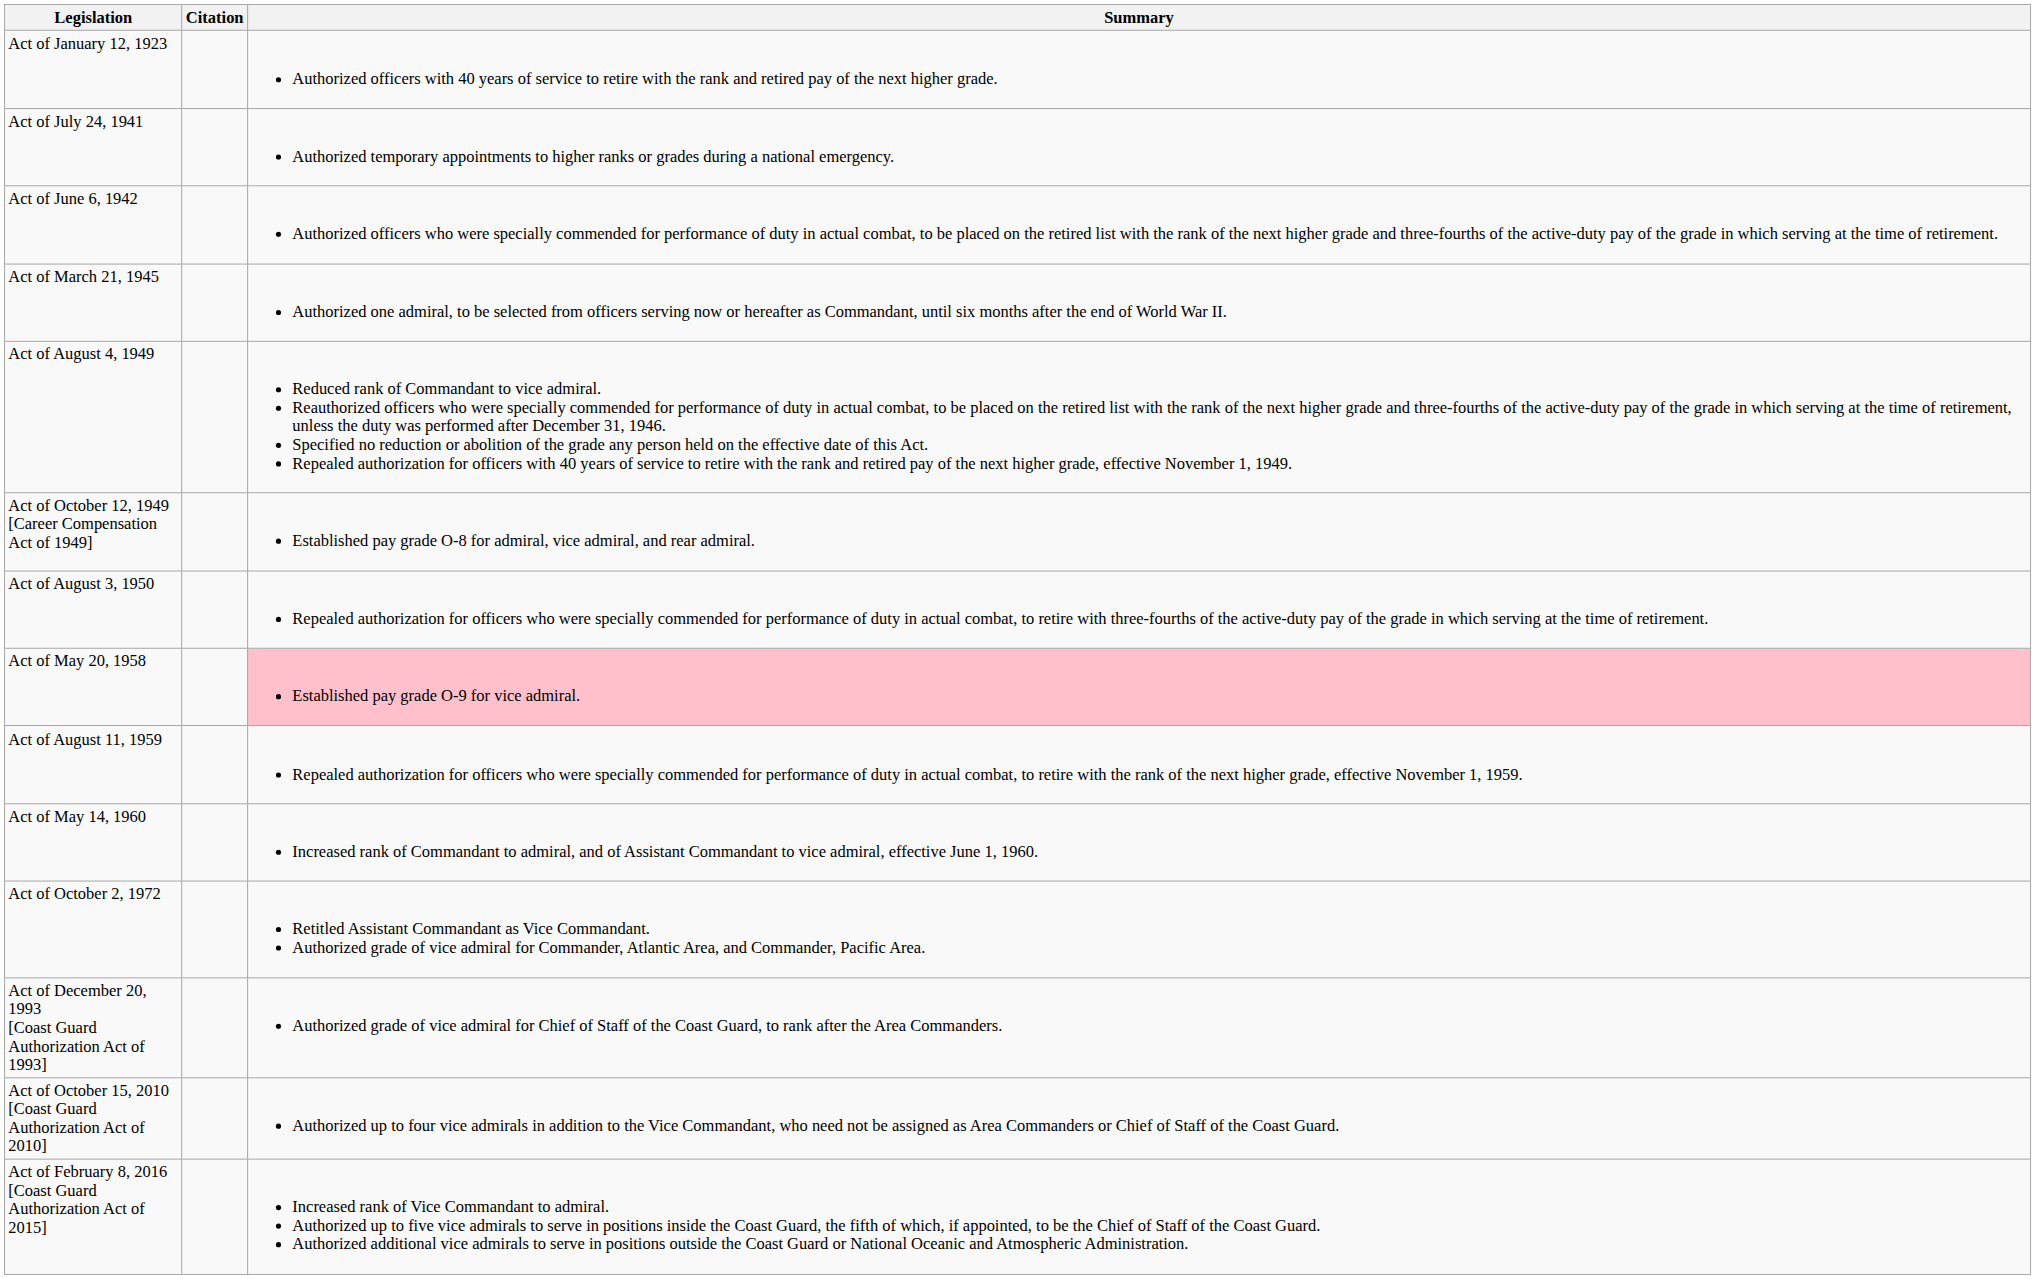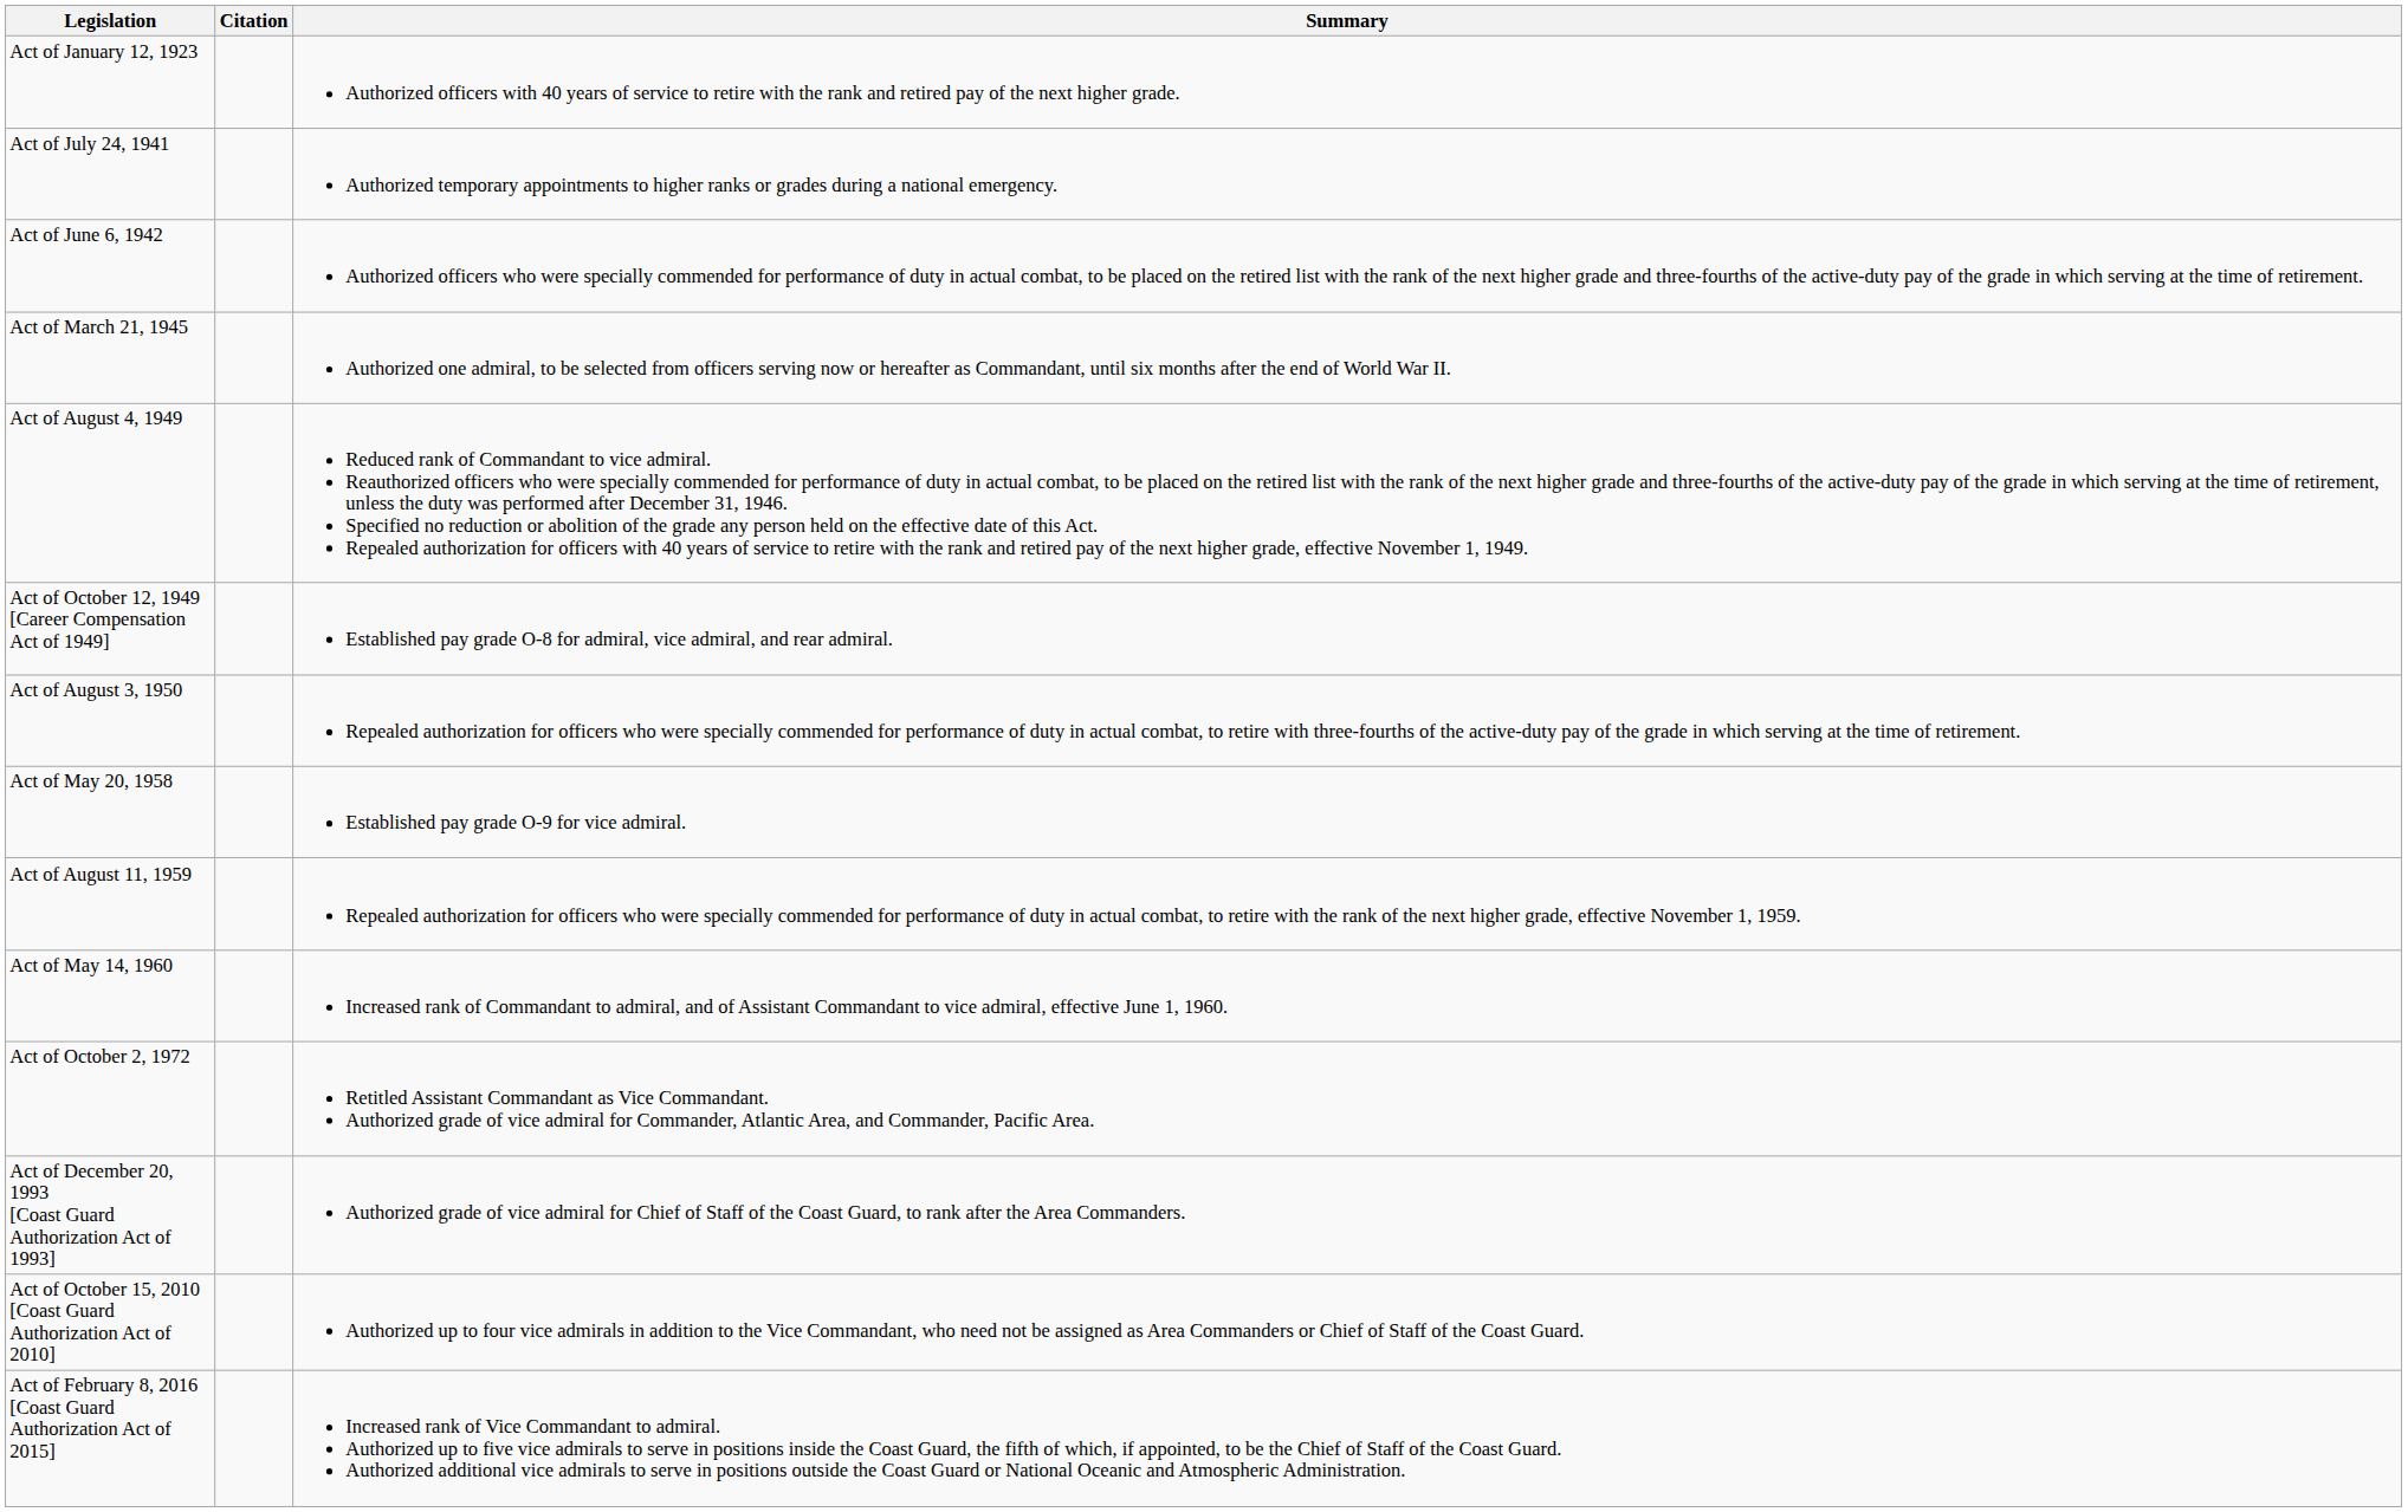 <table class="wikitable">
 <tr>
 <th width = 165>Legislation</th>
 <th>Citation</th>
 <th>Summary</th>
 </tr>
 <tr valign=top>
 <td>Act of January 12, 1923</td>
 <td> </td>
 <td><br><ul><li>Authorized officers with 40 years of service to retire with the rank and retired pay of the next higher grade.</li></ul></td>
 </tr>
 <tr valign=top>
 <td>Act of July 24, 1941</td>
 <td> </td>
 <td><br><ul><li>Authorized temporary appointments to higher ranks or grades during a national emergency.</li></ul></td>
 </tr>
 <tr valign=top>
 <td>Act of June 6, 1942</td>
 <td> </td>
 <td><br><ul><li>Authorized officers who were specially commended for performance of duty in actual combat, to be placed on the retired list with the rank of the next higher grade and three-fourths of the active-duty pay of the grade in which serving at the time of retirement.</li></ul></td>
 </tr>
 <tr valign=top>
 <td>Act of March 21, 1945</td>
 <td> </td>
 <td><br><ul><li>Authorized one admiral, to be selected from officers serving now or hereafter as Commandant, until six months after the end of World War II.</li></ul></td>
 </tr>
 <tr valign=top>
 <td>Act of August 4, 1949</td>
 <td> <br> <br> <br> </td>
 <td><br><ul><li>Reduced rank of Commandant to vice admiral.</li><li>Reauthorized officers who were specially commended for performance of duty in actual combat, to be placed on the retired list with the rank of the next higher grade and three-fourths of the active-duty pay of the grade in which serving at the time of retirement, unless the duty was performed after December 31, 1946.</li><li>Specified no reduction or abolition of the grade any person held on the effective date of this Act.</li><li>Repealed authorization for officers with 40 years of service to retire with the rank and retired pay of the next higher grade, effective November 1, 1949.</li></ul></td>
 </tr>
 <tr valign=top>
 <td>Act of October 12, 1949<br>[Career Compensation Act of 1949]</td>
 <td> </td>
 <td><br><ul><li>Established pay grade O-8 for admiral, vice admiral, and rear admiral.</li></ul></td>
 </tr>
 <tr valign=top>
 <td>Act of August 3, 1950</td>
 <td> </td>
 <td><br><ul><li>Repealed authorization for officers who were specially commended for performance of duty in actual combat, to retire with three-fourths of the active-duty pay of the grade in which serving at the time of retirement.</li></ul></td>
 </tr>
 <tr valign=top>
 <td>Act of May 20, 1958</td>
 <td> </td>
-<td style="background: pink;"><br><ul><li>Established pay grade O-9 for vice admiral.</li></ul></td>
+<td><br><ul><li>Established pay grade O-9 for vice admiral.</li></ul></td>
 </tr>
 <tr valign=top>
 <td>Act of August 11, 1959</td>
 <td> </td>
 <td><br><ul><li>Repealed authorization for officers who were specially commended for performance of duty in actual combat, to retire with the rank of the next higher grade, effective November 1, 1959.</li></ul></td>
 </tr>
 <tr valign=top>
 <td>Act of May 14, 1960</td>
 <td> </td>
 <td><br><ul><li>Increased rank of Commandant to admiral, and of Assistant Commandant to vice admiral, effective June 1, 1960.</li></ul></td>
 </tr>
 <tr valign=top>
 <td>Act of October 2, 1972</td>
 <td> </td>
 <td><br><ul><li>Retitled Assistant Commandant as Vice Commandant.</li><li>Authorized grade of vice admiral for Commander, Atlantic Area, and Commander, Pacific Area.</li></ul></td>
 </tr>
 <tr valign=top>
 <td>Act of December 20, 1993<br>[Coast Guard Authorization Act of 1993]</td>
 <td> </td>
 <td><br><ul><li>Authorized grade of vice admiral for Chief of Staff of the Coast Guard, to rank after the Area Commanders.</li></ul></td>
 </tr>
 <tr valign=top>
 <td>Act of October 15, 2010<br>[Coast Guard Authorization Act of 2010]</td>
 <td> </td>
 <td><br><ul><li>Authorized up to four vice admirals in addition to the Vice Commandant, who need not be assigned as Area Commanders or Chief of Staff of the Coast Guard.</li></ul></td>
 </tr>
 <tr valign=top>
 <td>Act of February 8, 2016<br>[Coast Guard Authorization Act of 2015]</td>
 <td> </td>
 <td><br><ul><li>Increased rank of Vice Commandant to admiral.</li><li>Authorized up to five vice admirals to serve in positions inside the Coast Guard, the fifth of which, if appointed, to be the Chief of Staff of the Coast Guard.</li><li>Authorized additional vice admirals to serve in positions outside the Coast Guard or National Oceanic and Atmospheric Administration.</li></ul></td>
 </tr>
 <tr>
 </tr>
 </table>
